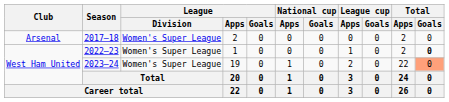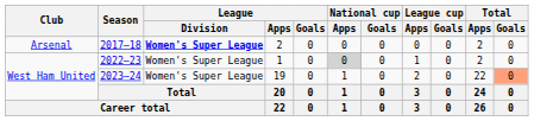 <table class="wikitable" style="text-align:center">
 <tr>
 <th rowspan="2">Club</th>
 <th rowspan="2">Season</th>
 <th colspan="3">League</th>
 <th colspan="2">National cup</th>
 <th colspan="2">League cup</th>
 <th colspan="2">Total</th>
 </tr>
 <tr>
 <th>Division</th>
 <th>Apps</th>
 <th>Goals</th>
 <th>Apps</th>
 <th>Goals</th>
 <th>Apps</th>
 <th>Goals</th>
 <th>Apps</th>
 <th>Goals</th>
 </tr>
 <tr>
 <td><a href='#'>Arsenal</a></td>
 <td><a href='#'>2017–18</a></td>
-<td><a href='#'>Women's Super League</a></td>
+<td><strong><a href='#'>Women's Super League</a></strong></td>
 <td>2</td>
 <td>0</td>
 <td>0</td>
 <td>0</td>
 <td>0</td>
 <td>0</td>
 <td>2</td>
 <td>0</td>
 </tr>
 <tr>
 <td rowspan="3"><a href='#'>West Ham United</a></td>
 <td><a href='#'>2022–23</a></td>
 <td>Women's Super League</td>
 <td>1</td>
 <td>0</td>
-<td>0</td>
+<td style="background: lightgrey;">0</td>
 <td>0</td>
 <td>1</td>
 <td>0</td>
 <td>2</td>
-<td><strong>0</strong></td>
+<td>0</td>
 </tr>
 <tr>
 <td><a href='#'>2023–24</a></td>
 <td>Women's Super League</td>
 <td>19</td>
 <td>0</td>
 <td>1</td>
 <td>0</td>
 <td>2</td>
 <td>0</td>
 <td>22</td>
 <td style="background: lightsalmon;">0</td>
 </tr>
 <tr>
 <th colspan="2">Total</th>
 <th>20</th>
 <th>0</th>
 <th>1</th>
 <th>0</th>
 <th>3</th>
 <th>0</th>
 <th>24</th>
 <th>0</th>
 </tr>
 <tr>
 <th colspan="3">Career total</th>
 <th>22</th>
 <th>0</th>
 <th>1</th>
 <th>0</th>
 <th>3</th>
 <th>0</th>
 <th>26</th>
 <th>0</th>
 </tr>
 </table>
